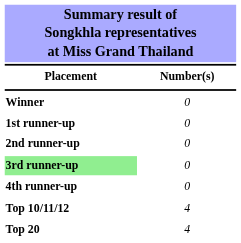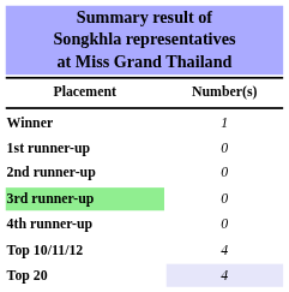 <table style="width: 270px; font-size:85%; line-height:1.5em;">
 <tr>
 <th colspan="2" align="center" style="background:#AAF;"><big>Summary result of<br>Songkhla representatives<br>at Miss Grand Thailand</big></th>
 </tr>
 <tr>
 <td colspan="2" style="background:black"></td>
 </tr>
 <tr>
 <th scope="col">Placement</th>
 <th scope="col">Number(s)</th>
 </tr>
 <tr>
 <td colspan="2" style="background:black"></td>
 </tr>
 <tr>
 <td align="left"><strong>Winner</strong></td>
-<td align="center"><em>0</em></td>
+<td align="center"><em>1</em></td>
 </tr>
 <tr>
 <td align="left"><strong>1st runner-up</strong></td>
 <td align="center"><em>0</em></td>
 </tr>
 <tr>
 <td align="left"><strong>2nd runner-up</strong></td>
 <td align="center"><em>0</em></td>
 </tr>
 <tr>
 <td align="left" style="background: lightgreen;"><strong>3rd runner-up</strong></td>
 <td align="center"><em>0</em></td>
 </tr>
 <tr>
 <td align="left"><strong>4th runner-up</strong></td>
 <td align="center"><em>0</em></td>
 </tr>
 <tr>
 <td align="left"><strong>Top 10/11/12</strong></td>
 <td align="center"><em>4</em></td>
 </tr>
 <tr>
 <td align="left"><strong>Top 20</strong></td>
-<td align="center"><em>4</em></td>
+<td align="center" style="background: lavender;"><em>4</em></td>
 </tr>
 </table>
